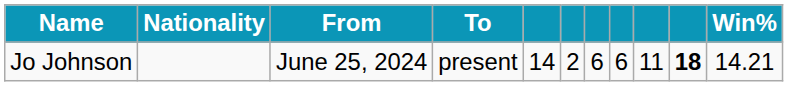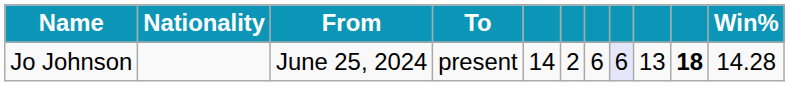 <table class="wikitable" style="text-align: center;">
 <tr>
 <th style="background:#0B96B7; color:#FFFFFF;" scope="col">Name</th>
 <th style="background:#0B96B7; color:#FFFFFF;" scope="col">Nationality</th>
 <th style="background:#0B96B7; color:#FFFFFF;" scope="col">From</th>
 <th style="background:#0B96B7; color:#FFFFFF;" scope="col">To</th>
 <th style="background:#0B96B7; color:#FFFFFF;" scope="col"></th>
 <th style="background:#0B96B7; color:#FFFFFF;" scope="col"></th>
 <th style="background:#0B96B7; color:#FFFFFF;" scope="col"></th>
 <th style="background:#0B96B7; color:#FFFFFF;" scope="col"></th>
 <th style="background:#0B96B7; color:#FFFFFF;" scope="col"></th>
 <th style="background:#0B96B7; color:#FFFFFF;" scope="col"></th>
 <th style="background:#0B96B7; color:#FFFFFF;" scope="col">Win%</th>
 </tr>
 <tr>
 <td {{sortname>Jo Johnson</td>
 <td></td>
 <td style="text-align:center;">June 25, 2024</td>
 <td style="text-align:center;">present</td>
 <td>14</td>
 <td>2</td>
 <td>6</td>
-<td>6</td>
-<td>11</td>
+<td style="background: lavender;">6</td>
+<td>13</td>
 <td><strong>18</strong></td>
-<td>14.21</td>
+<td>14.28</td>
 </tr>
 </table>
